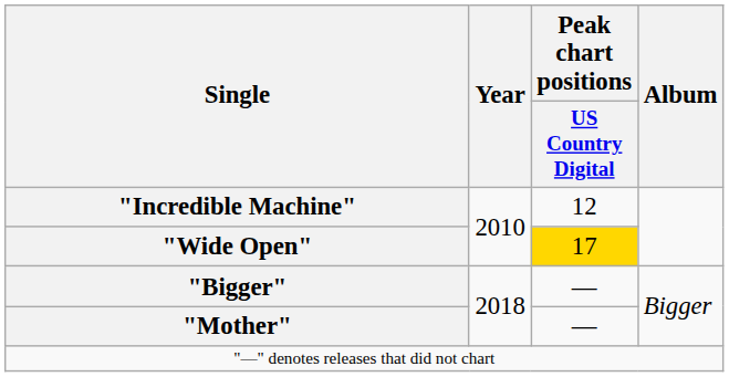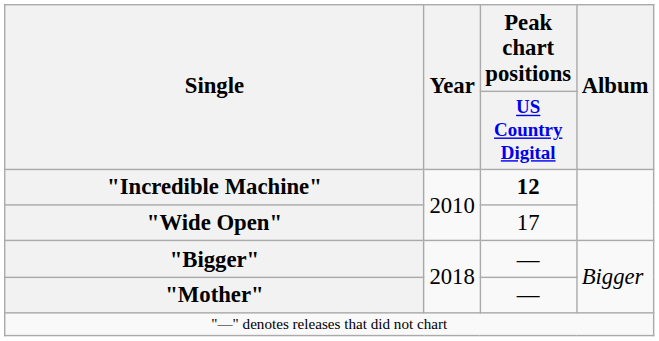 <table class="wikitable plainrowheaders" style="text-align:center;">
 <tr>
 <th rowspan="2" style="width:18em;">Single</th>
 <th rowspan="2">Year</th>
 <th>Peak chart positions</th>
 <th rowspan="2">Album</th>
 </tr>
 <tr style=font-size:smaller;>
 <th style="width:4em;"><a href='#'>US Country Digital</a><br></th>
 </tr>
 <tr>
 <th scope="row">"Incredible Machine"</th>
 <td rowspan="2">2010</td>
-<td>12</td>
+<td><strong>12</strong></td>
 <td style="text-align:left;" rowspan="2"></td>
 </tr>
 <tr>
 <th scope="row">"Wide Open"</th>
-<td style="background: gold;">17</td>
+<td>17</td>
 </tr>
 <tr>
 <th scope="row">"Bigger"</th>
 <td rowspan="2">2018</td>
 <td>—</td>
 <td style="text-align:left;" rowspan="2"><em>Bigger</em></td>
 </tr>
 <tr>
 <th scope="row">"Mother"</th>
 <td>—</td>
 </tr>
 <tr>
 <td colspan="10" style="font-size:8pt">"—" denotes releases that did not chart</td>
 </tr>
 </table>
